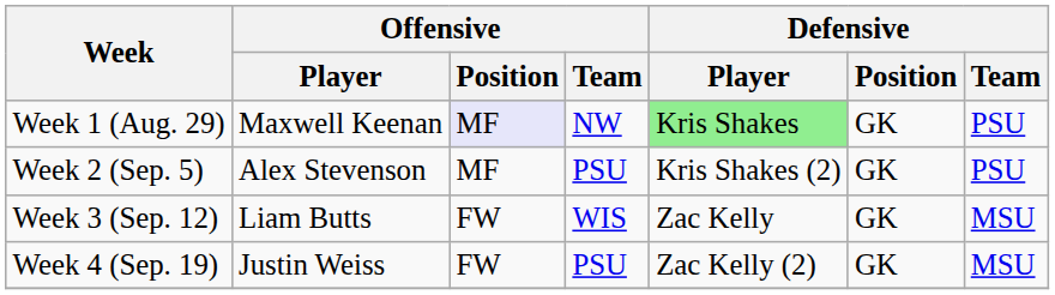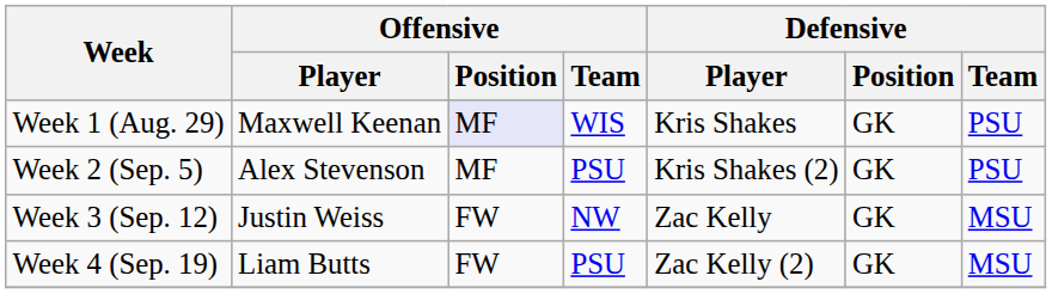 <table class="wikitable">
 <tr>
 <th rowspan="2">Week</th>
 <th colspan="3">Offensive</th>
 <th colspan="3">Defensive</th>
 </tr>
 <tr>
 <th>Player</th>
 <th>Position</th>
 <th>Team</th>
 <th>Player</th>
 <th>Position</th>
 <th>Team</th>
 </tr>
 <tr>
 <td>Week 1 (Aug. 29)</td>
 <td>Maxwell Keenan</td>
 <td style="background: lavender;">MF</td>
-<td><a href='#'>NW</a></td>
-<td style="background: lightgreen;">Kris Shakes</td>
+<td><a href='#'>WIS</a></td>
+<td>Kris Shakes</td>
 <td>GK</td>
 <td><a href='#'>PSU</a></td>
 </tr>
 <tr>
 <td>Week 2 (Sep. 5)</td>
 <td>Alex Stevenson</td>
 <td>MF</td>
 <td><a href='#'>PSU</a></td>
 <td>Kris Shakes (2)</td>
 <td>GK</td>
 <td><a href='#'>PSU</a></td>
 </tr>
 <tr>
 <td>Week 3 (Sep. 12)</td>
-<td>Liam Butts</td>
+<td>Justin Weiss</td>
 <td>FW</td>
-<td><a href='#'>WIS</a></td>
+<td><a href='#'>NW</a></td>
 <td>Zac Kelly</td>
 <td>GK</td>
 <td><a href='#'>MSU</a></td>
 </tr>
 <tr>
 <td>Week 4 (Sep. 19)</td>
-<td>Justin Weiss</td>
+<td>Liam Butts</td>
 <td>FW</td>
 <td><a href='#'>PSU</a></td>
 <td>Zac Kelly (2)</td>
 <td>GK</td>
 <td><a href='#'>MSU</a></td>
 </tr>
 <tr>
 </tr>
 </table>
